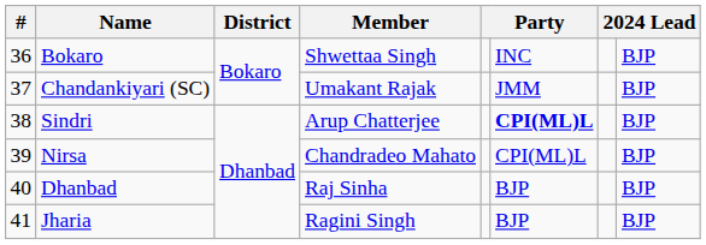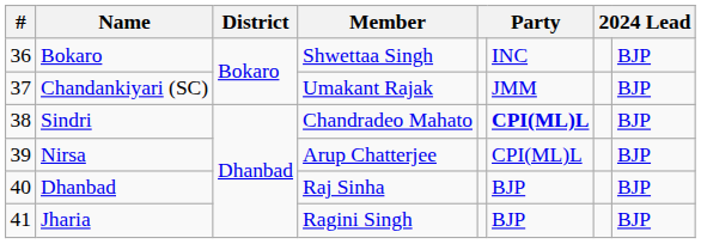 <table class="wikitable">
 <tr>
 <th>#</th>
 <th>Name</th>
 <th>District</th>
 <th>Member</th>
 <th colspan="2">Party</th>
 <th colspan="2">2024 Lead</th>
 </tr>
 <tr>
 <td>36</td>
 <td><a href='#'>Bokaro</a></td>
 <td rowspan="2"><a href='#'>Bokaro</a></td>
 <td><a href='#'>Shwettaa Singh</a></td>
 <td style="background-color: "></td>
 <td><a href='#'>INC</a></td>
 <td style="background-color: "></td>
 <td><a href='#'>BJP</a></td>
 </tr>
 <tr>
 <td>37</td>
 <td><a href='#'>Chandankiyari</a> (SC)</td>
 <td><a href='#'>Umakant Rajak</a></td>
 <td style="background-color: "></td>
 <td><a href='#'>JMM</a></td>
 <td style="background-color: "></td>
 <td><a href='#'>BJP</a></td>
 </tr>
 <tr>
 <td>38</td>
 <td><a href='#'>Sindri</a></td>
 <td rowspan="4"><a href='#'>Dhanbad</a></td>
-<td><a href='#'>Arup Chatterjee</a></td>
+<td><a href='#'>Chandradeo Mahato</a></td>
 <td style="background-color: "></td>
 <td><strong><a href='#'>CPI(ML)L</a></strong></td>
 <td style="background-color: "></td>
 <td><a href='#'>BJP</a></td>
 </tr>
 <tr>
 <td>39</td>
 <td><a href='#'>Nirsa</a></td>
-<td><a href='#'>Chandradeo Mahato</a></td>
+<td><a href='#'>Arup Chatterjee</a></td>
 <td style="background-color: "></td>
 <td><a href='#'>CPI(ML)L</a></td>
 <td style="background-color: "></td>
 <td><a href='#'>BJP</a></td>
 </tr>
 <tr>
 <td>40</td>
 <td><a href='#'>Dhanbad</a></td>
 <td><a href='#'>Raj Sinha</a></td>
 <td style="background-color: "></td>
 <td><a href='#'>BJP</a></td>
 <td style="background-color: "></td>
 <td><a href='#'>BJP</a></td>
 </tr>
 <tr>
 <td>41</td>
 <td><a href='#'>Jharia</a></td>
 <td><a href='#'>Ragini Singh</a></td>
 <td style="background-color: "></td>
 <td><a href='#'>BJP</a></td>
 <td style="background-color: "></td>
 <td><a href='#'>BJP</a></td>
 </tr>
 </table>
